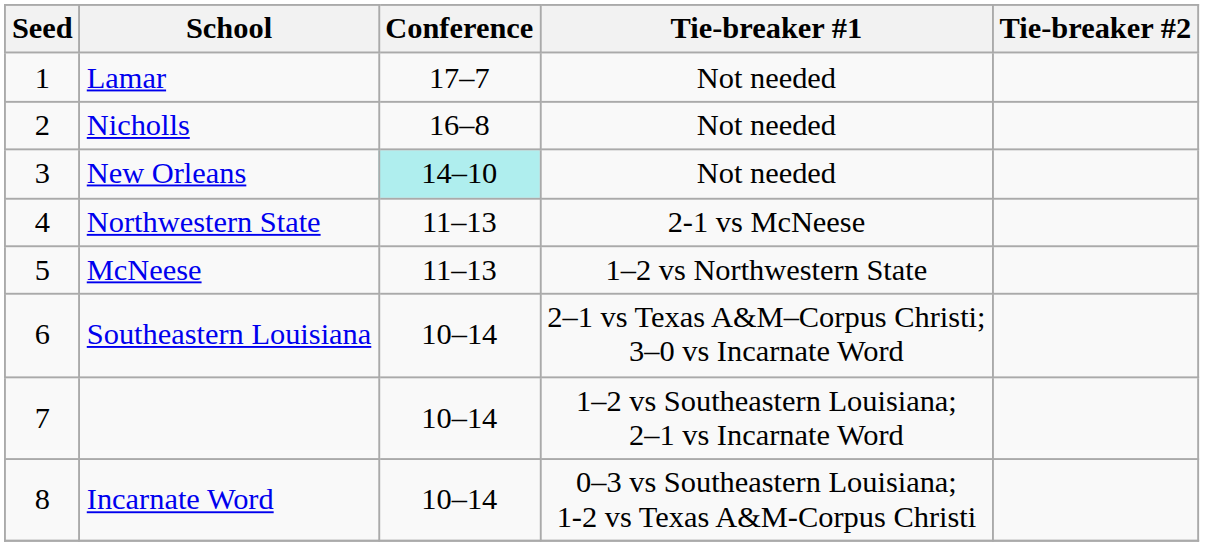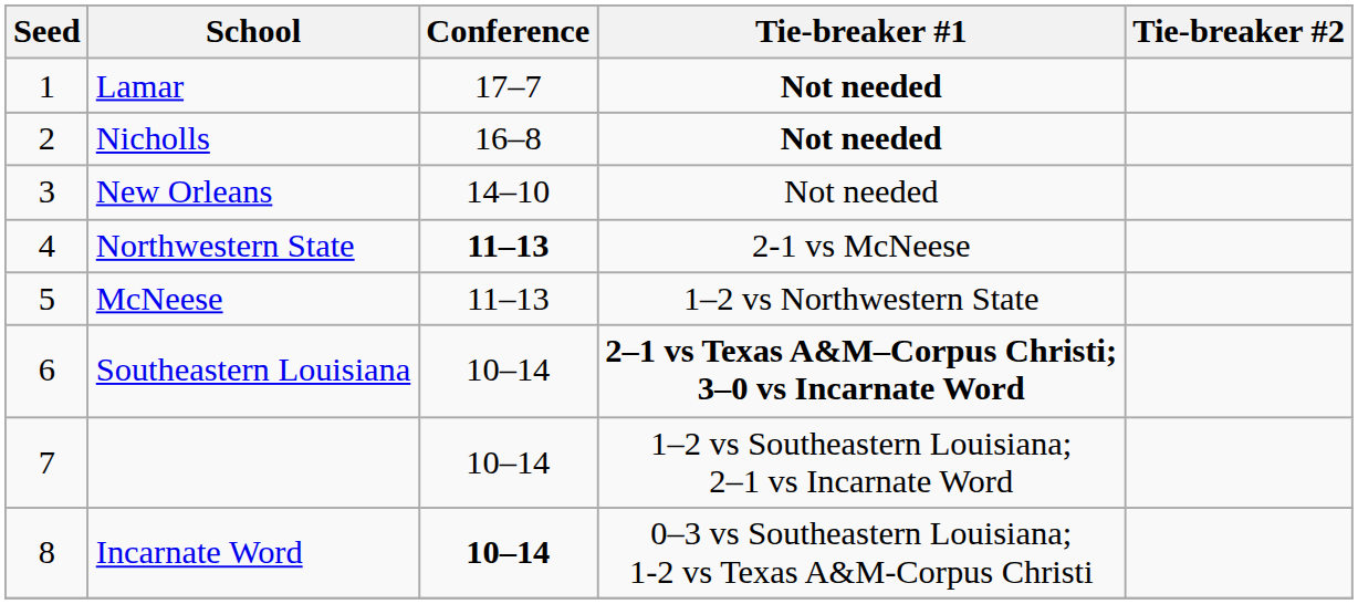 <table class="wikitable" style="text-align:center">
 <tr>
 <th>Seed</th>
 <th>School</th>
 <th>Conference</th>
 <th>Tie-breaker #1</th>
 <th>Tie-breaker #2</th>
 </tr>
 <tr>
 <td>1</td>
 <td align="left"><a href='#'>Lamar</a></td>
 <td>17–7</td>
-<td>Not needed</td>
+<td><strong>Not needed</strong></td>
 <td></td>
 </tr>
 <tr>
 <td>2</td>
 <td align="left"><a href='#'>Nicholls</a></td>
 <td>16–8</td>
-<td>Not needed</td>
+<td><strong>Not needed</strong></td>
 <td></td>
 </tr>
 <tr>
 <td>3</td>
 <td align="left"><a href='#'>New Orleans</a></td>
-<td style="background: paleturquoise;">14–10</td>
+<td>14–10</td>
 <td>Not needed</td>
 <td></td>
 </tr>
 <tr>
 <td>4</td>
 <td align="left"><a href='#'>Northwestern State</a></td>
-<td>11–13</td>
+<td><strong>11–13</strong></td>
 <td>2-1 vs McNeese</td>
 <td></td>
 </tr>
 <tr>
 <td>5</td>
 <td align="left"><a href='#'>McNeese</a></td>
 <td>11–13</td>
 <td>1–2 vs Northwestern State</td>
 <td></td>
 </tr>
 <tr>
 <td>6</td>
 <td align="left"><a href='#'>Southeastern Louisiana</a></td>
 <td>10–14</td>
-<td>2–1 vs Texas A&M–Corpus Christi;<br>3–0 vs Incarnate Word</td>
+<td><strong>2–1 vs Texas A&M–Corpus Christi;<br>3–0 vs Incarnate Word</strong></td>
 <td></td>
 </tr>
 <tr>
 <td>7</td>
 <td align="left"></td>
 <td>10–14</td>
 <td>1–2 vs Southeastern Louisiana;<br>2–1 vs Incarnate Word</td>
 <td></td>
 </tr>
 <tr>
 <td>8</td>
 <td align="left"><a href='#'>Incarnate Word</a></td>
-<td>10–14</td>
+<td><strong>10–14</strong></td>
 <td>0–3 vs Southeastern Louisiana;<br>1-2 vs Texas A&M-Corpus Christi</td>
 <td></td>
 </tr>
 <tr>
 </tr>
 </table>
